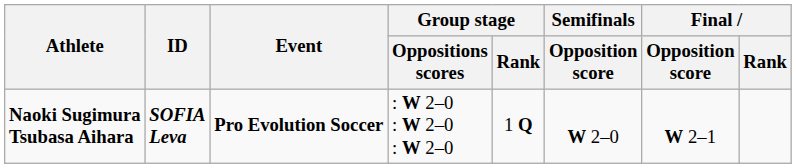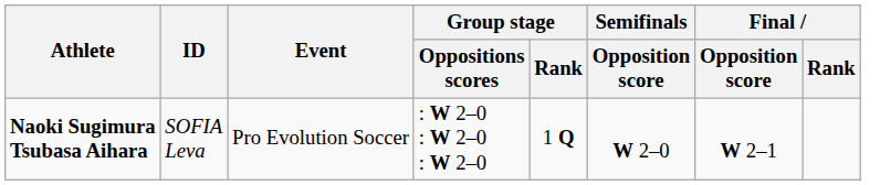 <table class=wikitable style="font-size:90%; text-align:center;">
 <tr>
 <th rowspan=2>Athlete</th>
 <th rowspan=2>ID</th>
 <th rowspan=2>Event</th>
 <th colspan=2>Group stage</th>
 <th>Semifinals</th>
 <th colspan=2>Final / </th>
 </tr>
 <tr>
 <th>Oppositions<br> scores</th>
 <th>Rank</th>
 <th>Opposition<br> score</th>
 <th>Opposition<br> score</th>
 <th>Rank</th>
 </tr>
 <tr>
 <td style="text-align:left"><strong>Naoki Sugimura<br>Tsubasa Aihara</strong></td>
-<td style="text-align:left"><strong><em>SOFIA<br>Leva</em></strong></td>
-<td style="text-align:left"><strong>Pro Evolution Soccer</strong></td>
+<td style="text-align:left"><em>SOFIA<br>Leva</em></td>
+<td style="text-align:left">Pro Evolution Soccer</td>
 <td style="text-align:left">: <strong>W</strong> 2–0<br>: <strong>W</strong> 2–0<br>: <strong>W</strong> 2–0</td>
 <td>1 <strong>Q</strong></td>
 <td><br><strong>W</strong> 2–0</td>
 <td><br><strong>W</strong> 2–1</td>
 <td></td>
 </tr>
 </table>
